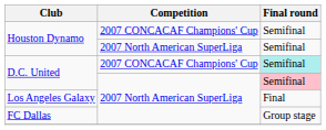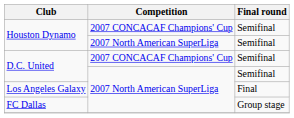 <table class="wikitable">
 <tr>
 <th>Club</th>
 <th>Competition</th>
 <th>Final round</th>
 </tr>
 <tr>
 <td rowspan=2><a href='#'>Houston Dynamo</a></td>
 <td><a href='#'>2007 CONCACAF Champions' Cup</a></td>
 <td>Semifinal</td>
 </tr>
 <tr>
 <td rowspan=1><a href='#'>2007 North American SuperLiga</a></td>
 <td>Semifinal</td>
 </tr>
 <tr>
 <td rowspan=2><a href='#'>D.C. United</a></td>
 <td><a href='#'>2007 CONCACAF Champions' Cup</a></td>
-<td style="background: paleturquoise;">Semifinal</td>
+<td>Semifinal</td>
 </tr>
 <tr>
 <td rowspan=3><a href='#'>2007 North American SuperLiga</a></td>
-<td style="background: pink;">Semifinal</td>
+<td>Semifinal</td>
 </tr>
 <tr>
 <td rowspan=1><a href='#'>Los Angeles Galaxy</a></td>
 <td>Final</td>
 </tr>
 <tr>
 <td rowspan=1><a href='#'>FC Dallas</a></td>
 <td>Group stage</td>
 </tr>
 <tr>
 </tr>
 </table>
